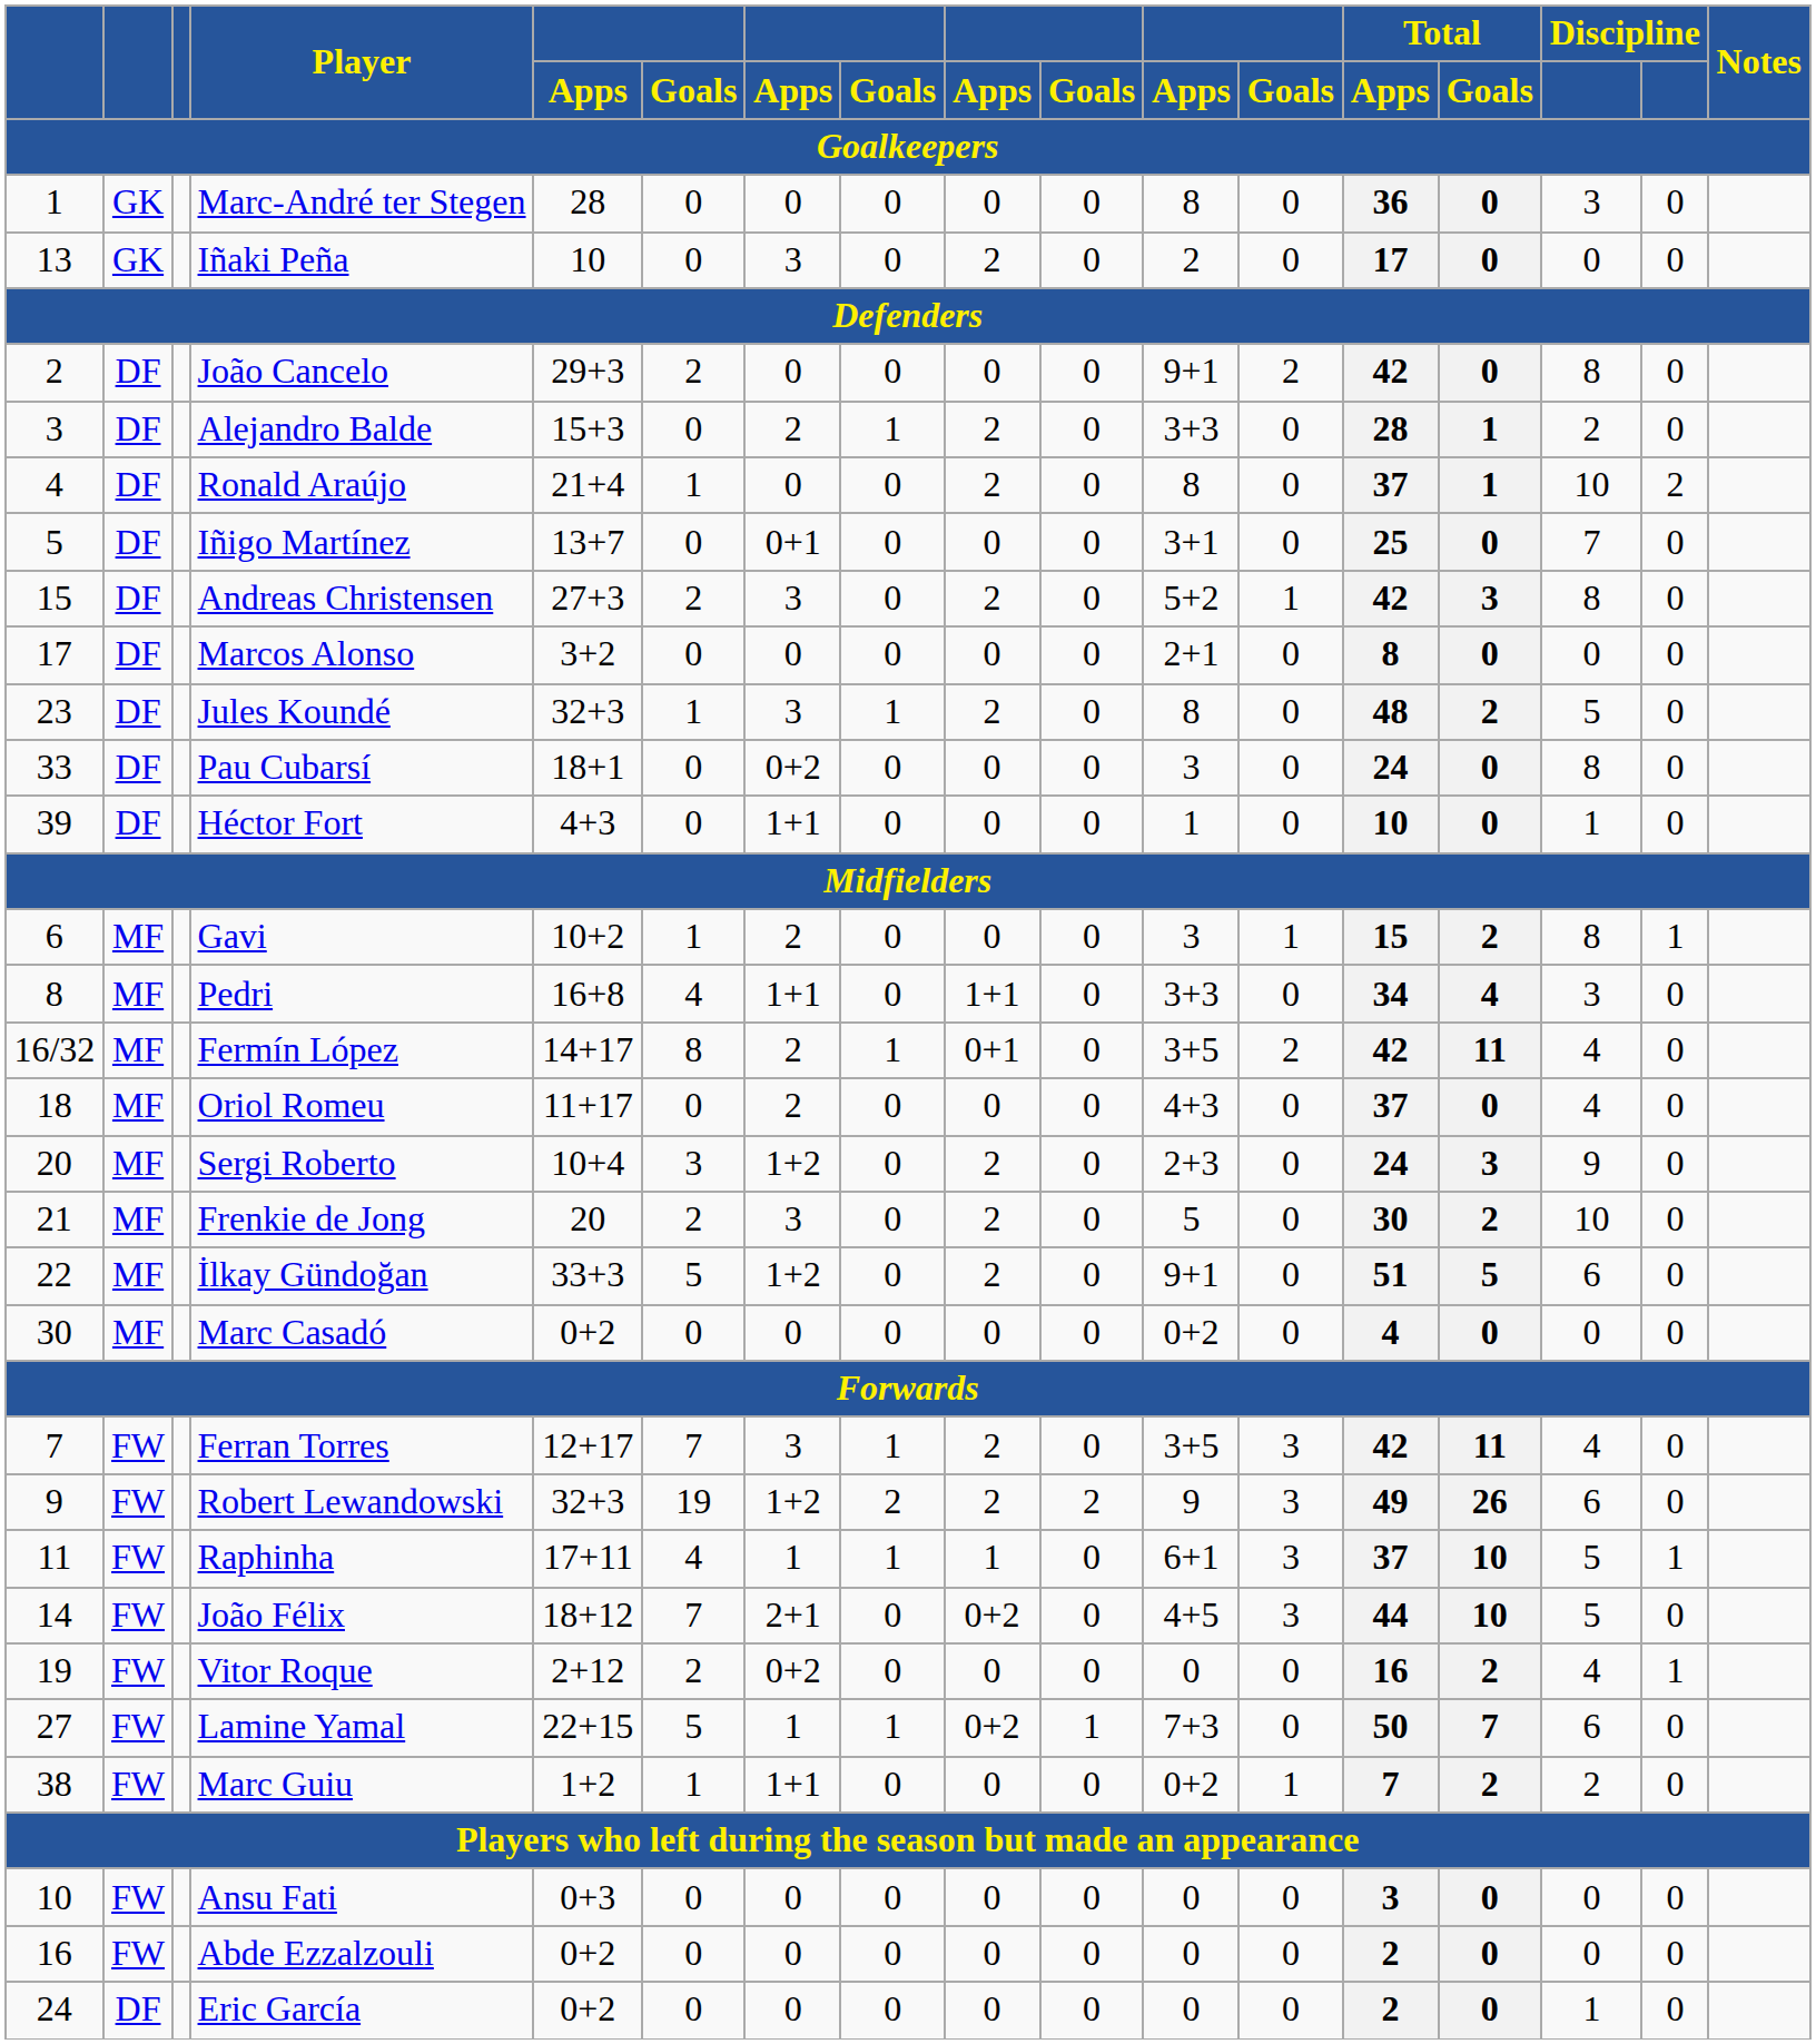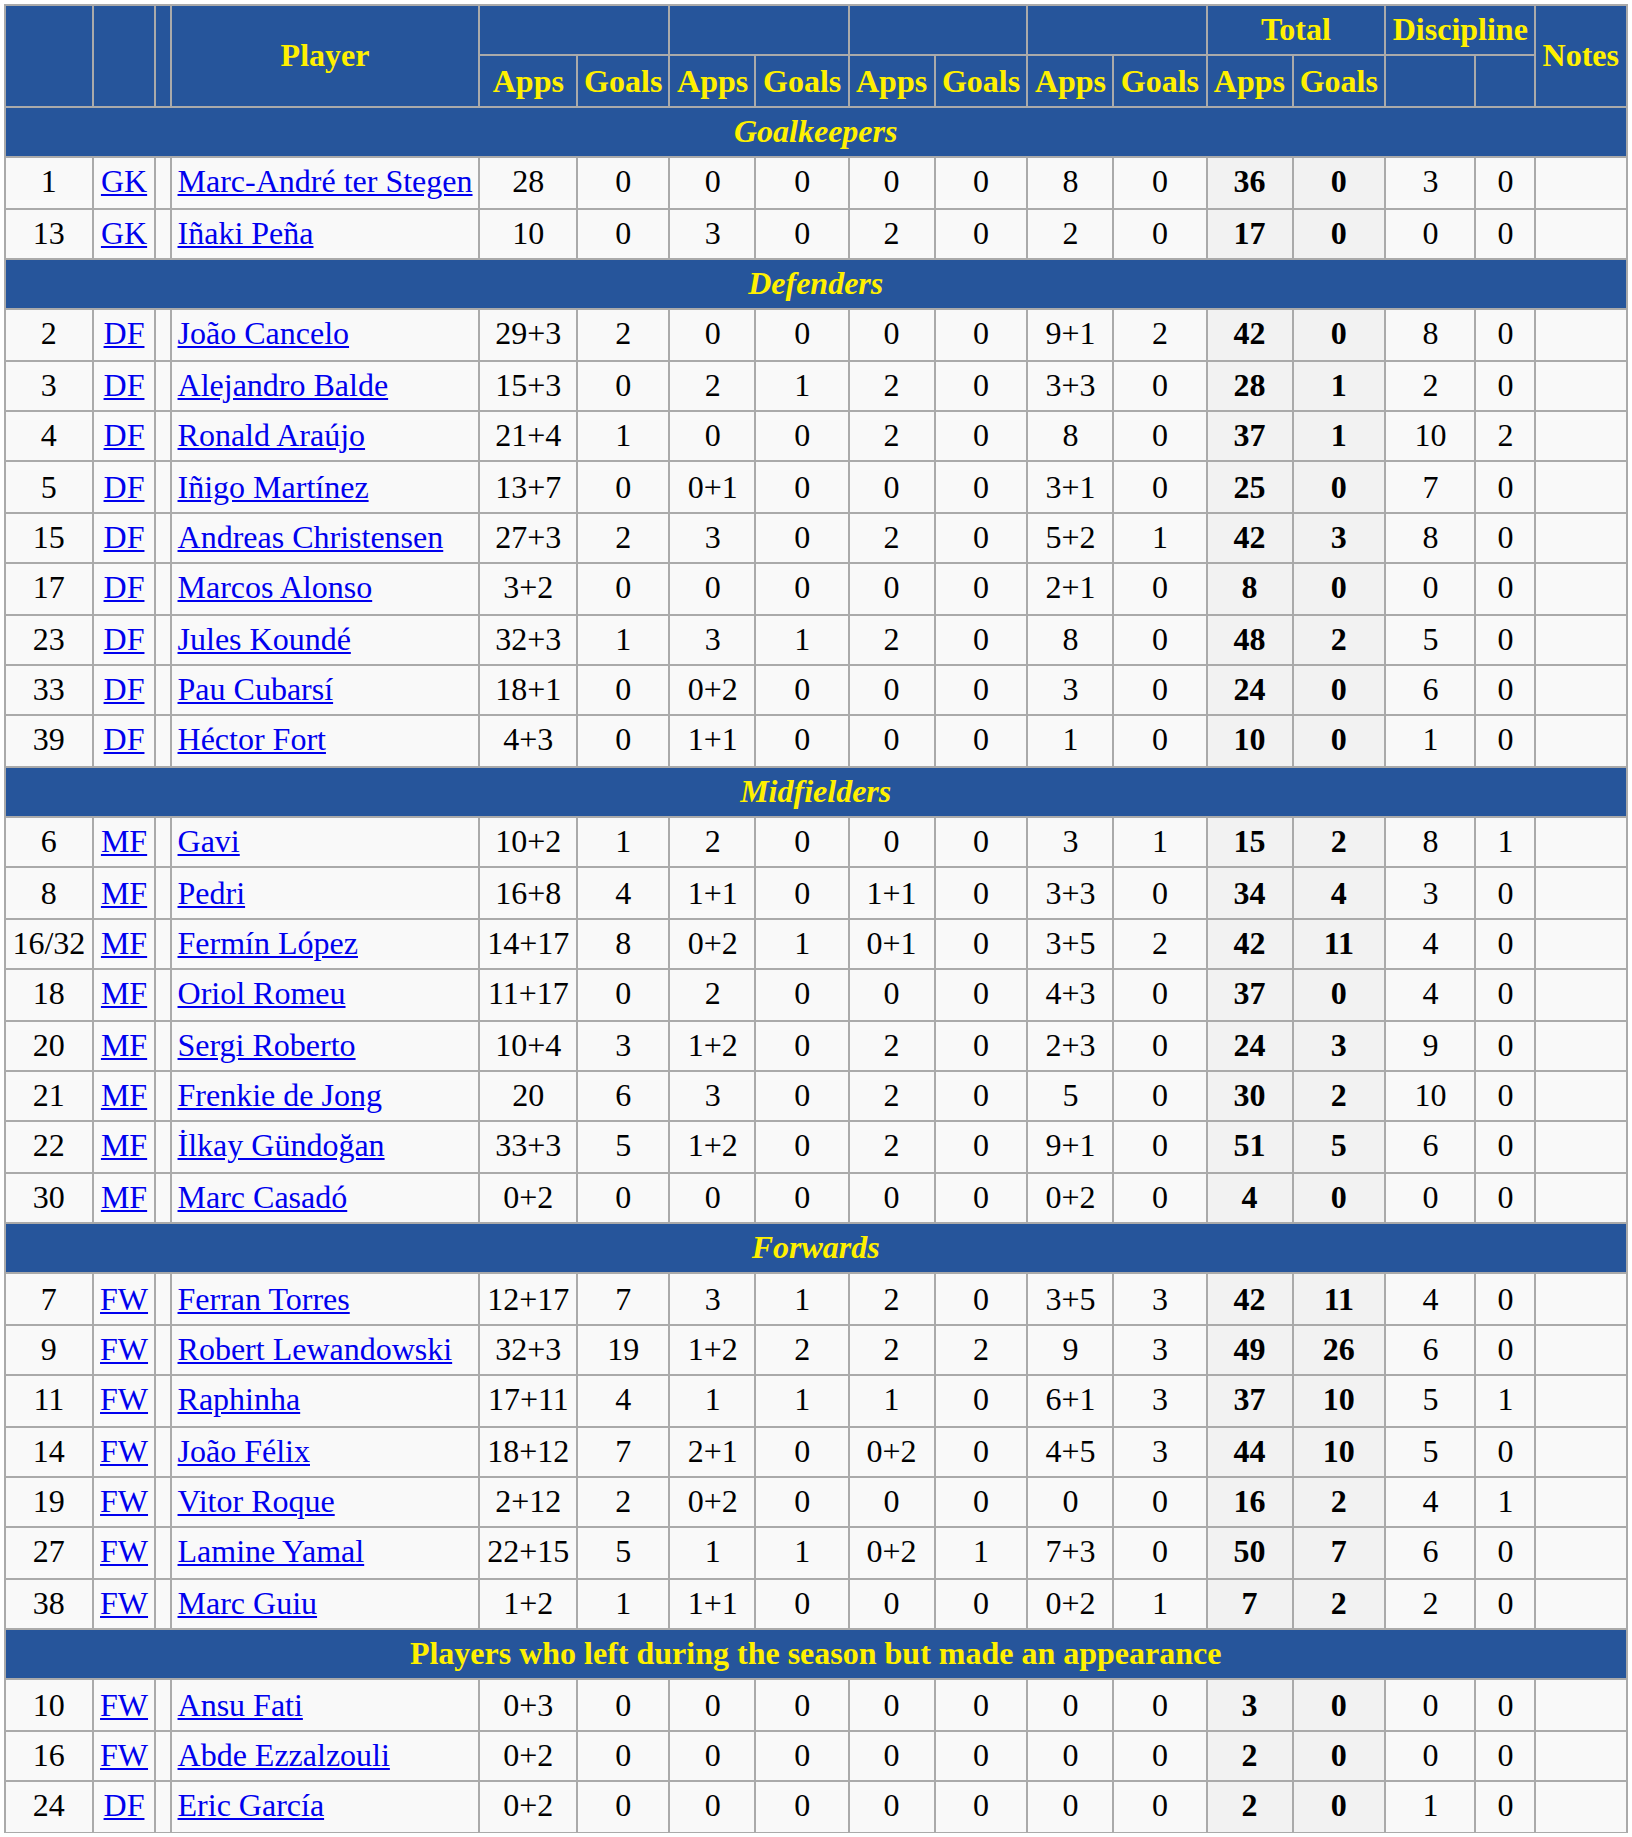 <table class="wikitable" style="text-align:center">
 <tr>
 <th rowspan="2" style="background:#26559B;color:#FFF000;"></th>
 <th rowspan="2" style="background:#26559B;color:#FFF000;"></th>
 <th rowspan="2" style="background:#26559B;color:#FFF000;"></th>
 <th rowspan="2" style="background:#26559B;color:#FFF000;">Player</th>
 <th colspan="2" style="background:#26559B;color:#FFF000;"></th>
 <th colspan="2" style="background:#26559B;color:#FFF000;"></th>
 <th colspan="2" style="background:#26559B;color:#FFF000;"></th>
 <th colspan="2" style="background:#26559B;color:#FFF000;"></th>
 <th colspan="2" style="background:#26559B;color:#FFF000;">Total</th>
 <th colspan="2" style="background:#26559B;color:#FFF000;">Discipline</th>
 <th rowspan="2" style="background:#26559B;color:#FFF000;">Notes</th>
 </tr>
 <tr>
 <th style="background:#26559B;color:#FFF000;">Apps</th>
 <th style="background:#26559B;color:#FFF000;">Goals</th>
 <th style="background:#26559B;color:#FFF000;">Apps</th>
 <th style="background:#26559B;color:#FFF000;">Goals</th>
 <th style="background:#26559B;color:#FFF000;">Apps</th>
 <th style="background:#26559B;color:#FFF000;">Goals</th>
 <th style="background:#26559B;color:#FFF000;">Apps</th>
 <th style="background:#26559B;color:#FFF000;">Goals</th>
 <th style="background:#26559B;color:#FFF000;">Apps</th>
 <th style="background:#26559B;color:#FFF000;">Goals</th>
 <th style="background:#26559B;color:#FFF000;"></th>
 <th style="background:#26559B;color:#FFF000;"></th>
 </tr>
 <tr>
 <th colspan="17" style="background:#26559B;color:#FFF000;"><em>Goalkeepers</em></th>
 </tr>
 <tr>
 <td>1</td>
 <td><a href='#'>GK</a></td>
 <td></td>
 <td style="text-align:left"><a href='#'>Marc-André ter Stegen</a></td>
 <td>28</td>
 <td>0</td>
 <td>0</td>
 <td>0</td>
 <td>0</td>
 <td>0</td>
 <td>8</td>
 <td>0</td>
 <th>36</th>
 <th>0</th>
 <td>3</td>
 <td>0</td>
 <td></td>
 </tr>
 <tr>
 <td>13</td>
 <td><a href='#'>GK</a></td>
 <td></td>
 <td style="text-align:left"><a href='#'>Iñaki Peña</a></td>
 <td>10</td>
 <td>0</td>
 <td>3</td>
 <td>0</td>
 <td>2</td>
 <td>0</td>
 <td>2</td>
 <td>0</td>
 <th>17</th>
 <th>0</th>
 <td>0</td>
 <td>0</td>
 <td></td>
 </tr>
 <tr>
 <th colspan="17" style="background:#26559B;color:#FFF000;"><em>Defenders</em></th>
 </tr>
 <tr>
 <td>2</td>
 <td><a href='#'>DF</a></td>
 <td></td>
 <td style="text-align:left"><a href='#'>João Cancelo</a></td>
 <td>29+3</td>
 <td>2</td>
 <td>0</td>
 <td>0</td>
 <td>0</td>
 <td>0</td>
 <td>9+1</td>
 <td>2</td>
 <th>42</th>
 <th>0</th>
 <td>8</td>
 <td>0</td>
 <td></td>
 </tr>
 <tr>
 <td>3</td>
 <td><a href='#'>DF</a></td>
 <td></td>
 <td style="text-align:left"><a href='#'>Alejandro Balde</a></td>
 <td>15+3</td>
 <td>0</td>
 <td>2</td>
 <td>1</td>
 <td>2</td>
 <td>0</td>
 <td>3+3</td>
 <td>0</td>
 <th>28</th>
 <th>1</th>
 <td>2</td>
 <td>0</td>
 <td></td>
 </tr>
 <tr>
 <td>4</td>
 <td><a href='#'>DF</a></td>
 <td></td>
 <td style="text-align:left"><a href='#'>Ronald Araújo</a></td>
 <td>21+4</td>
 <td>1</td>
 <td>0</td>
 <td>0</td>
 <td>2</td>
 <td>0</td>
 <td>8</td>
 <td>0</td>
 <th>37</th>
 <th>1</th>
 <td>10</td>
 <td>2</td>
 <td></td>
 </tr>
 <tr>
 <td>5</td>
 <td><a href='#'>DF</a></td>
 <td></td>
 <td style="text-align:left"><a href='#'>Iñigo Martínez</a></td>
 <td>13+7</td>
 <td>0</td>
 <td>0+1</td>
 <td>0</td>
 <td>0</td>
 <td>0</td>
 <td>3+1</td>
 <td>0</td>
 <th>25</th>
 <th>0</th>
 <td>7</td>
 <td>0</td>
 <td></td>
 </tr>
 <tr>
 <td>15</td>
 <td><a href='#'>DF</a></td>
 <td></td>
 <td style="text-align:left"><a href='#'>Andreas Christensen</a></td>
 <td>27+3</td>
 <td>2</td>
 <td>3</td>
 <td>0</td>
 <td>2</td>
 <td>0</td>
 <td>5+2</td>
 <td>1</td>
 <th>42</th>
 <th>3</th>
 <td>8</td>
 <td>0</td>
 <td></td>
 </tr>
 <tr>
 <td>17</td>
 <td><a href='#'>DF</a></td>
 <td></td>
 <td style="text-align:left"><a href='#'>Marcos Alonso</a></td>
 <td>3+2</td>
 <td>0</td>
 <td>0</td>
 <td>0</td>
 <td>0</td>
 <td>0</td>
 <td>2+1</td>
 <td>0</td>
 <th>8</th>
 <th>0</th>
 <td>0</td>
 <td>0</td>
 <td></td>
 </tr>
 <tr>
 <td>23</td>
 <td><a href='#'>DF</a></td>
 <td></td>
 <td style="text-align:left"><a href='#'>Jules Koundé</a></td>
 <td>32+3</td>
 <td>1</td>
 <td>3</td>
 <td>1</td>
 <td>2</td>
 <td>0</td>
 <td>8</td>
 <td>0</td>
 <th>48</th>
 <th>2</th>
 <td>5</td>
 <td>0</td>
 <td></td>
 </tr>
 <tr>
 <td>33</td>
 <td><a href='#'>DF</a></td>
 <td></td>
 <td style="text-align:left"><a href='#'>Pau Cubarsí</a></td>
 <td>18+1</td>
 <td>0</td>
 <td>0+2</td>
 <td>0</td>
 <td>0</td>
 <td>0</td>
 <td>3</td>
 <td>0</td>
 <th>24</th>
 <th>0</th>
-<td>8</td>
+<td>6</td>
 <td>0</td>
 <td></td>
 </tr>
 <tr>
 <td>39</td>
 <td><a href='#'>DF</a></td>
 <td></td>
 <td style="text-align:left"><a href='#'>Héctor Fort</a></td>
 <td>4+3</td>
 <td>0</td>
 <td>1+1</td>
 <td>0</td>
 <td>0</td>
 <td>0</td>
 <td>1</td>
 <td>0</td>
 <th>10</th>
 <th>0</th>
 <td>1</td>
 <td>0</td>
 <td></td>
 </tr>
 <tr>
 <th colspan="17" style="background:#26559B;color:#FFF000;"><em>Midfielders</em></th>
 </tr>
 <tr>
 <td>6</td>
 <td><a href='#'>MF</a></td>
 <td></td>
 <td style="text-align:left"><a href='#'>Gavi</a></td>
 <td>10+2</td>
 <td>1</td>
 <td>2</td>
 <td>0</td>
 <td>0</td>
 <td>0</td>
 <td>3</td>
 <td>1</td>
 <th>15</th>
 <th>2</th>
 <td>8</td>
 <td>1</td>
 <td></td>
 </tr>
 <tr>
 <td>8</td>
 <td><a href='#'>MF</a></td>
 <td></td>
 <td style="text-align:left"><a href='#'>Pedri</a></td>
 <td>16+8</td>
 <td>4</td>
 <td>1+1</td>
 <td>0</td>
 <td>1+1</td>
 <td>0</td>
 <td>3+3</td>
 <td>0</td>
 <th>34</th>
 <th>4</th>
 <td>3</td>
 <td>0</td>
 <td></td>
 </tr>
 <tr>
 <td>16/32</td>
 <td><a href='#'>MF</a></td>
 <td></td>
 <td style="text-align:left"><a href='#'>Fermín López</a></td>
 <td>14+17</td>
 <td>8</td>
-<td>2</td>
+<td>0+2</td>
 <td>1</td>
 <td>0+1</td>
 <td>0</td>
 <td>3+5</td>
 <td>2</td>
 <th>42</th>
 <th>11</th>
 <td>4</td>
 <td>0</td>
 <td></td>
 </tr>
 <tr>
 <td>18</td>
 <td><a href='#'>MF</a></td>
 <td></td>
 <td style="text-align:left"><a href='#'>Oriol Romeu</a></td>
 <td>11+17</td>
 <td>0</td>
 <td>2</td>
 <td>0</td>
 <td>0</td>
 <td>0</td>
 <td>4+3</td>
 <td>0</td>
 <th>37</th>
 <th>0</th>
 <td>4</td>
 <td>0</td>
 <td></td>
 </tr>
 <tr>
 <td>20</td>
 <td><a href='#'>MF</a></td>
 <td></td>
 <td style="text-align:left"><a href='#'>Sergi Roberto</a></td>
 <td>10+4</td>
 <td>3</td>
 <td>1+2</td>
 <td>0</td>
 <td>2</td>
 <td>0</td>
 <td>2+3</td>
 <td>0</td>
 <th>24</th>
 <th>3</th>
 <td>9</td>
 <td>0</td>
 <td></td>
 </tr>
 <tr>
 <td>21</td>
 <td><a href='#'>MF</a></td>
 <td></td>
 <td style="text-align:left"><a href='#'>Frenkie de Jong</a></td>
 <td>20</td>
-<td>2</td>
+<td>6</td>
 <td>3</td>
 <td>0</td>
 <td>2</td>
 <td>0</td>
 <td>5</td>
 <td>0</td>
 <th>30</th>
 <th>2</th>
 <td>10</td>
 <td>0</td>
 <td></td>
 </tr>
 <tr>
 <td>22</td>
 <td><a href='#'>MF</a></td>
 <td></td>
 <td style="text-align:left"><a href='#'>İlkay Gündoğan</a></td>
 <td>33+3</td>
 <td>5</td>
 <td>1+2</td>
 <td>0</td>
 <td>2</td>
 <td>0</td>
 <td>9+1</td>
 <td>0</td>
 <th>51</th>
 <th>5</th>
 <td>6</td>
 <td>0</td>
 <td></td>
 </tr>
 <tr>
 <td>30</td>
 <td><a href='#'>MF</a></td>
 <td></td>
 <td style="text-align:left"><a href='#'>Marc Casadó</a></td>
 <td>0+2</td>
 <td>0</td>
 <td>0</td>
 <td>0</td>
 <td>0</td>
 <td>0</td>
 <td>0+2</td>
 <td>0</td>
 <th>4</th>
 <th>0</th>
 <td>0</td>
 <td>0</td>
 <td></td>
 </tr>
 <tr>
 <th colspan="17" style="background:#26559B;color:#FFF000;"><em>Forwards</em></th>
 </tr>
 <tr>
 <td>7</td>
 <td><a href='#'>FW</a></td>
 <td></td>
 <td style="text-align:left"><a href='#'>Ferran Torres</a></td>
 <td>12+17</td>
 <td>7</td>
 <td>3</td>
 <td>1</td>
 <td>2</td>
 <td>0</td>
 <td>3+5</td>
 <td>3</td>
 <th>42</th>
 <th>11</th>
 <td>4</td>
 <td>0</td>
 <td></td>
 </tr>
 <tr>
 <td>9</td>
 <td><a href='#'>FW</a></td>
 <td></td>
 <td style="text-align:left"><a href='#'>Robert Lewandowski</a></td>
 <td>32+3</td>
 <td>19</td>
 <td>1+2</td>
 <td>2</td>
 <td>2</td>
 <td>2</td>
 <td>9</td>
 <td>3</td>
 <th>49</th>
 <th>26</th>
 <td>6</td>
 <td>0</td>
 <td></td>
 </tr>
 <tr>
 <td>11</td>
 <td><a href='#'>FW</a></td>
 <td></td>
 <td style="text-align:left"><a href='#'>Raphinha</a></td>
 <td>17+11</td>
 <td>4</td>
 <td>1</td>
 <td>1</td>
 <td>1</td>
 <td>0</td>
 <td>6+1</td>
 <td>3</td>
 <th>37</th>
 <th>10</th>
 <td>5</td>
 <td>1</td>
 <td></td>
 </tr>
 <tr>
 <td>14</td>
 <td><a href='#'>FW</a></td>
 <td></td>
 <td style="text-align:left"><a href='#'>João Félix</a></td>
 <td>18+12</td>
 <td>7</td>
 <td>2+1</td>
 <td>0</td>
 <td>0+2</td>
 <td>0</td>
 <td>4+5</td>
 <td>3</td>
 <th>44</th>
 <th>10</th>
 <td>5</td>
 <td>0</td>
 <td></td>
 </tr>
 <tr>
 <td>19</td>
 <td><a href='#'>FW</a></td>
 <td></td>
 <td style="text-align:left"><a href='#'>Vitor Roque</a></td>
 <td>2+12</td>
 <td>2</td>
 <td>0+2</td>
 <td>0</td>
 <td>0</td>
 <td>0</td>
 <td>0</td>
 <td>0</td>
 <th>16</th>
 <th>2</th>
 <td>4</td>
 <td>1</td>
 <td></td>
 </tr>
 <tr>
 <td>27</td>
 <td><a href='#'>FW</a></td>
 <td></td>
 <td style="text-align:left"><a href='#'>Lamine Yamal</a></td>
 <td>22+15</td>
 <td>5</td>
 <td>1</td>
 <td>1</td>
 <td>0+2</td>
 <td>1</td>
 <td>7+3</td>
 <td>0</td>
 <th>50</th>
 <th>7</th>
 <td>6</td>
 <td>0</td>
 <td></td>
 </tr>
 <tr>
 <td>38</td>
 <td><a href='#'>FW</a></td>
 <td></td>
 <td style="text-align:left"><a href='#'>Marc Guiu</a></td>
 <td>1+2</td>
 <td>1</td>
 <td>1+1</td>
 <td>0</td>
 <td>0</td>
 <td>0</td>
 <td>0+2</td>
 <td>1</td>
 <th>7</th>
 <th>2</th>
 <td>2</td>
 <td>0</td>
 <td></td>
 </tr>
 <tr>
 </tr>
 <tr>
 <th colspan=17 style="background:#26559B;color:#FFF000;">Players who left during the season but made an appearance</th>
 </tr>
 <tr>
 <td>10</td>
 <td><a href='#'>FW</a></td>
 <td></td>
 <td style="text-align:left"><a href='#'>Ansu Fati</a></td>
 <td>0+3</td>
 <td>0</td>
 <td>0</td>
 <td>0</td>
 <td>0</td>
 <td>0</td>
 <td>0</td>
 <td>0</td>
 <th>3</th>
 <th>0</th>
 <td>0</td>
 <td>0</td>
 <td></td>
 </tr>
 <tr>
 <td>16</td>
 <td><a href='#'>FW</a></td>
 <td></td>
 <td style="text-align:left"><a href='#'>Abde Ezzalzouli</a></td>
 <td>0+2</td>
 <td>0</td>
 <td>0</td>
 <td>0</td>
 <td>0</td>
 <td>0</td>
 <td>0</td>
 <td>0</td>
 <th>2</th>
 <th>0</th>
 <td>0</td>
 <td>0</td>
 <td></td>
 </tr>
 <tr>
 <td>24</td>
 <td><a href='#'>DF</a></td>
 <td></td>
 <td style="text-align:left"><a href='#'>Eric García</a></td>
 <td>0+2</td>
 <td>0</td>
 <td>0</td>
 <td>0</td>
 <td>0</td>
 <td>0</td>
 <td>0</td>
 <td>0</td>
 <th>2</th>
 <th>0</th>
 <td>1</td>
 <td>0</td>
 <td></td>
 </tr>
 </table>
